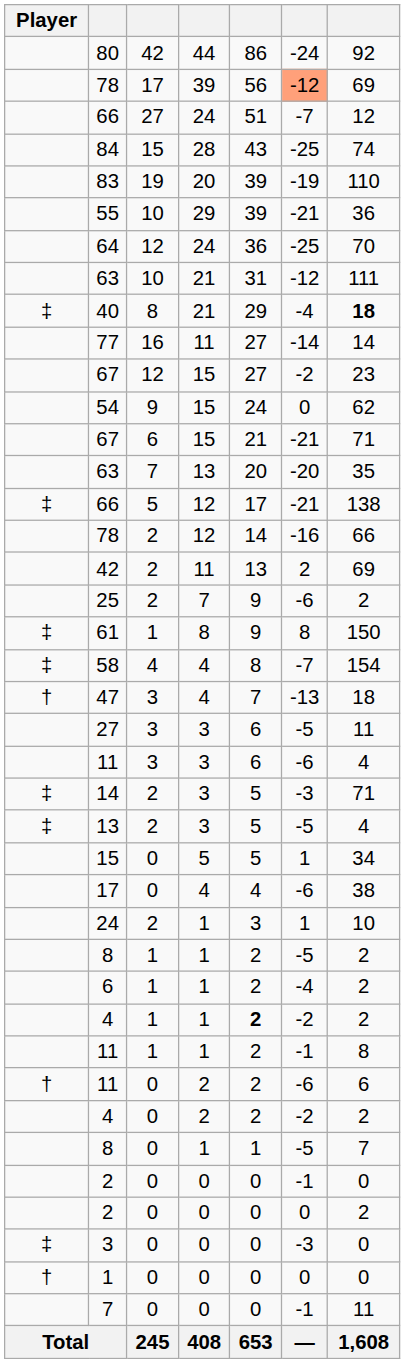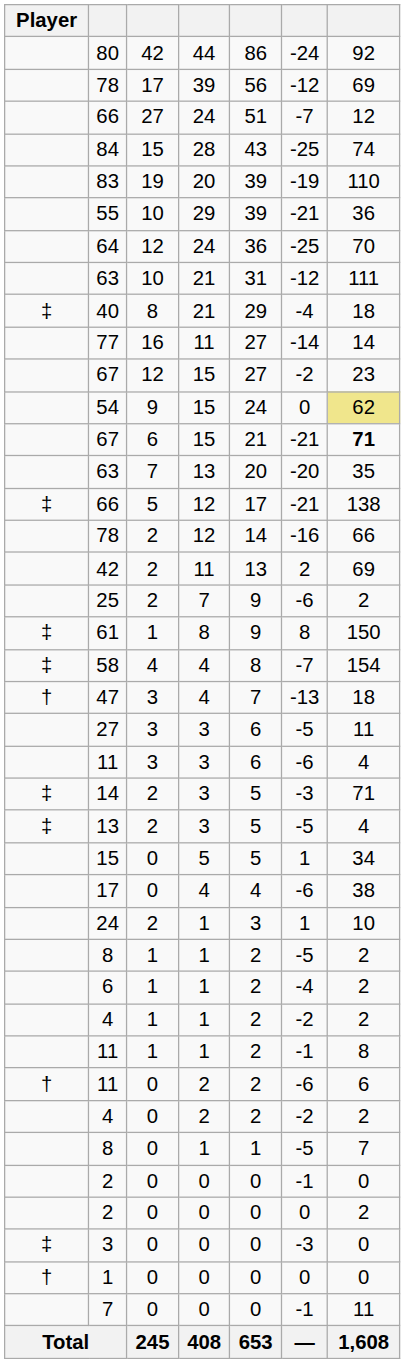 <table class="wikitable sortable" style="width:50%;">
 <tr>
 <th>Player</th>
 <th></th>
 <th></th>
 <th></th>
 <th></th>
 <th data-sort-type="number"></th>
 <th></th>
 </tr>
 <tr align=center>
 <td></td>
 <td>80</td>
 <td>42</td>
 <td>44</td>
 <td>86</td>
 <td>-24</td>
 <td>92</td>
 </tr>
 <tr align=center>
 <td></td>
 <td>78</td>
 <td>17</td>
 <td>39</td>
 <td>56</td>
-<td style="background: lightsalmon;">-12</td>
+<td>-12</td>
 <td>69</td>
 </tr>
 <tr align=center>
 <td></td>
 <td>66</td>
 <td>27</td>
 <td>24</td>
 <td>51</td>
 <td>-7</td>
 <td>12</td>
 </tr>
 <tr align=center>
 <td></td>
 <td>84</td>
 <td>15</td>
 <td>28</td>
 <td>43</td>
 <td>-25</td>
 <td>74</td>
 </tr>
 <tr align=center>
 <td></td>
 <td>83</td>
 <td>19</td>
 <td>20</td>
 <td>39</td>
 <td>-19</td>
 <td>110</td>
 </tr>
 <tr align=center>
 <td></td>
 <td>55</td>
 <td>10</td>
 <td>29</td>
 <td>39</td>
 <td>-21</td>
 <td>36</td>
 </tr>
 <tr align=center>
 <td></td>
 <td>64</td>
 <td>12</td>
 <td>24</td>
 <td>36</td>
 <td>-25</td>
 <td>70</td>
 </tr>
 <tr align=center>
 <td></td>
 <td>63</td>
 <td>10</td>
 <td>21</td>
 <td>31</td>
 <td>-12</td>
 <td>111</td>
 </tr>
 <tr align=center>
 <td> ‡</td>
 <td>40</td>
 <td>8</td>
 <td>21</td>
 <td>29</td>
 <td>-4</td>
-<td><strong>18</strong></td>
+<td>18</td>
 </tr>
 <tr align=center>
 <td></td>
 <td>77</td>
 <td>16</td>
 <td>11</td>
 <td>27</td>
 <td>-14</td>
 <td>14</td>
 </tr>
 <tr align=center>
 <td></td>
 <td>67</td>
 <td>12</td>
 <td>15</td>
 <td>27</td>
 <td>-2</td>
 <td>23</td>
 </tr>
 <tr align=center>
 <td></td>
 <td>54</td>
 <td>9</td>
 <td>15</td>
 <td>24</td>
 <td>0</td>
-<td>62</td>
+<td style="background: khaki;">62</td>
 </tr>
 <tr align=center>
 <td></td>
 <td>67</td>
 <td>6</td>
 <td>15</td>
 <td>21</td>
 <td>-21</td>
-<td>71</td>
+<td><strong>71</strong></td>
 </tr>
 <tr align=center>
 <td></td>
 <td>63</td>
 <td>7</td>
 <td>13</td>
 <td>20</td>
 <td>-20</td>
 <td>35</td>
 </tr>
 <tr align=center>
 <td> ‡</td>
 <td>66</td>
 <td>5</td>
 <td>12</td>
 <td>17</td>
 <td>-21</td>
 <td>138</td>
 </tr>
 <tr align=center>
 <td></td>
 <td>78</td>
 <td>2</td>
 <td>12</td>
 <td>14</td>
 <td>-16</td>
 <td>66</td>
 </tr>
 <tr align=center>
 <td></td>
 <td>42</td>
 <td>2</td>
 <td>11</td>
 <td>13</td>
 <td>2</td>
 <td>69</td>
 </tr>
 <tr align=center>
 <td></td>
 <td>25</td>
 <td>2</td>
 <td>7</td>
 <td>9</td>
 <td>-6</td>
 <td>2</td>
 </tr>
 <tr align=center>
 <td> ‡</td>
 <td>61</td>
 <td>1</td>
 <td>8</td>
 <td>9</td>
 <td>8</td>
 <td>150</td>
 </tr>
 <tr align=center>
 <td> ‡</td>
 <td>58</td>
 <td>4</td>
 <td>4</td>
 <td>8</td>
 <td>-7</td>
 <td>154</td>
 </tr>
 <tr align=center>
 <td> †</td>
 <td>47</td>
 <td>3</td>
 <td>4</td>
 <td>7</td>
 <td>-13</td>
 <td>18</td>
 </tr>
 <tr align=center>
 <td></td>
 <td>27</td>
 <td>3</td>
 <td>3</td>
 <td>6</td>
 <td>-5</td>
 <td>11</td>
 </tr>
 <tr align=center>
 <td></td>
 <td>11</td>
 <td>3</td>
 <td>3</td>
 <td>6</td>
 <td>-6</td>
 <td>4</td>
 </tr>
 <tr align=center>
 <td> ‡</td>
 <td>14</td>
 <td>2</td>
 <td>3</td>
 <td>5</td>
 <td>-3</td>
 <td>71</td>
 </tr>
 <tr align=center>
 <td> ‡</td>
 <td>13</td>
 <td>2</td>
 <td>3</td>
 <td>5</td>
 <td>-5</td>
 <td>4</td>
 </tr>
 <tr align=center>
 <td></td>
 <td>15</td>
 <td>0</td>
 <td>5</td>
 <td>5</td>
 <td>1</td>
 <td>34</td>
 </tr>
 <tr align=center>
 <td></td>
 <td>17</td>
 <td>0</td>
 <td>4</td>
 <td>4</td>
 <td>-6</td>
 <td>38</td>
 </tr>
 <tr align=center>
 <td></td>
 <td>24</td>
 <td>2</td>
 <td>1</td>
 <td>3</td>
 <td>1</td>
 <td>10</td>
 </tr>
 <tr align=center>
 <td></td>
 <td>8</td>
 <td>1</td>
 <td>1</td>
 <td>2</td>
 <td>-5</td>
 <td>2</td>
 </tr>
 <tr align=center>
 <td></td>
 <td>6</td>
 <td>1</td>
 <td>1</td>
 <td>2</td>
 <td>-4</td>
 <td>2</td>
 </tr>
 <tr align=center>
 <td></td>
 <td>4</td>
 <td>1</td>
 <td>1</td>
-<td><strong>2</strong></td>
+<td>2</td>
 <td>-2</td>
 <td>2</td>
 </tr>
 <tr align=center>
 <td></td>
 <td>11</td>
 <td>1</td>
 <td>1</td>
 <td>2</td>
 <td>-1</td>
 <td>8</td>
 </tr>
 <tr align=center>
 <td> †</td>
 <td>11</td>
 <td>0</td>
 <td>2</td>
 <td>2</td>
 <td>-6</td>
 <td>6</td>
 </tr>
 <tr align=center>
 <td></td>
 <td>4</td>
 <td>0</td>
 <td>2</td>
 <td>2</td>
 <td>-2</td>
 <td>2</td>
 </tr>
 <tr align=center>
 <td></td>
 <td>8</td>
 <td>0</td>
 <td>1</td>
 <td>1</td>
 <td>-5</td>
 <td>7</td>
 </tr>
 <tr align=center>
 <td></td>
 <td>2</td>
 <td>0</td>
 <td>0</td>
 <td>0</td>
 <td>-1</td>
 <td>0</td>
 </tr>
 <tr align=center>
 <td></td>
 <td>2</td>
 <td>0</td>
 <td>0</td>
 <td>0</td>
 <td>0</td>
 <td>2</td>
 </tr>
 <tr align=center>
 <td> ‡</td>
 <td>3</td>
 <td>0</td>
 <td>0</td>
 <td>0</td>
 <td>-3</td>
 <td>0</td>
 </tr>
 <tr align=center>
 <td> †</td>
 <td>1</td>
 <td>0</td>
 <td>0</td>
 <td>0</td>
 <td>0</td>
 <td>0</td>
 </tr>
 <tr align=center>
 <td></td>
 <td>7</td>
 <td>0</td>
 <td>0</td>
 <td>0</td>
 <td>-1</td>
 <td>11</td>
 </tr>
 <tr class="sortbotom">
 <th colspan=2>Total</th>
 <th>245</th>
 <th>408</th>
 <th>653</th>
 <th>—</th>
 <th>1,608</th>
 </tr>
 </table>
